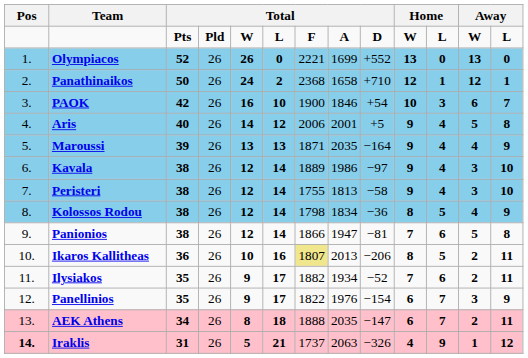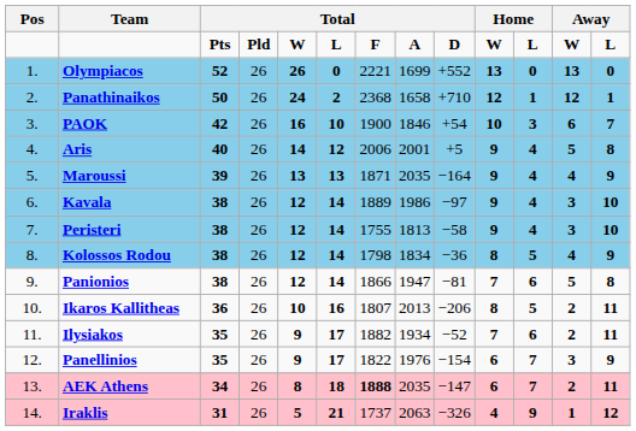 <table class="wikitable" style="text-align: center; font-size:95%">
 <tr>
 <th width="44">Pos</th>
 <th width="128">Team</th>
 <th colspan=7>Total</th>
 <th colspan=2>Home</th>
 <th colspan=2>Away</th>
 </tr>
 <tr>
 <td></td>
 <td></td>
 <td width="30"><strong>Pts</strong></td>
 <td width="30"><strong>Pld</strong></td>
 <td width="30"><strong>W</strong></td>
 <td width="30"><strong>L</strong></td>
 <td width="30"><strong>F</strong></td>
 <td width="30"><strong>A</strong></td>
 <td width="30"><strong>D</strong></td>
 <td width="30"><strong>W</strong></td>
 <td width="30"><strong>L</strong></td>
 <td width="30"><strong>W</strong></td>
 <td width="30"><strong>L</strong></td>
 </tr>
 <tr bgcolor="87ceeb">
 <td>1.</td>
 <td align="left"><strong><a href='#'>Olympiacos</a></strong></td>
 <td><strong>52</strong></td>
 <td>26</td>
 <td><strong>26</strong></td>
 <td><strong>0</strong></td>
 <td>2221</td>
 <td>1699</td>
 <td>+552</td>
 <td><strong>13</strong></td>
 <td><strong>0</strong></td>
 <td><strong>13</strong></td>
 <td><strong>0</strong></td>
 </tr>
 <tr bgcolor="87ceeb">
 <td>2.</td>
 <td align="left"><strong><a href='#'>Panathinaikos</a></strong></td>
 <td><strong>50</strong></td>
 <td>26</td>
 <td><strong>24</strong></td>
 <td><strong>2</strong></td>
 <td>2368</td>
 <td>1658</td>
 <td>+710</td>
 <td><strong>12</strong></td>
 <td><strong>1</strong></td>
 <td><strong>12</strong></td>
 <td><strong>1</strong></td>
 </tr>
 <tr bgcolor="87ceeb">
 <td>3.</td>
 <td align="left"><strong><a href='#'>PAOK</a></strong></td>
 <td><strong>42</strong></td>
 <td>26</td>
 <td><strong>16</strong></td>
 <td><strong>10</strong></td>
 <td>1900</td>
 <td>1846</td>
 <td>+54</td>
 <td><strong>10</strong></td>
 <td><strong>3</strong></td>
 <td><strong>6</strong></td>
 <td><strong>7</strong></td>
 </tr>
 <tr bgcolor="87ceeb">
 <td>4.</td>
 <td align="left"><strong><a href='#'>Aris</a></strong></td>
 <td><strong>40</strong></td>
 <td>26</td>
 <td><strong>14</strong></td>
 <td><strong>12</strong></td>
 <td>2006</td>
 <td>2001</td>
 <td>+5</td>
 <td><strong>9</strong></td>
 <td><strong>4</strong></td>
 <td><strong>5</strong></td>
 <td><strong>8</strong></td>
 </tr>
 <tr bgcolor="87ceeb">
 <td>5.</td>
 <td align="left"><strong><a href='#'>Maroussi</a></strong></td>
 <td><strong>39</strong></td>
 <td>26</td>
 <td><strong>13</strong></td>
 <td><strong>13</strong></td>
 <td>1871</td>
 <td>2035</td>
 <td>−164</td>
 <td><strong>9</strong></td>
 <td><strong>4</strong></td>
 <td><strong>4</strong></td>
 <td><strong>9</strong></td>
 </tr>
 <tr bgcolor="87ceeb">
 <td>6.</td>
 <td align="left"><strong><a href='#'>Kavala</a></strong></td>
 <td><strong>38</strong></td>
 <td>26</td>
 <td><strong>12</strong></td>
 <td><strong>14</strong></td>
 <td>1889</td>
 <td>1986</td>
 <td>−97</td>
 <td><strong>9</strong></td>
 <td><strong>4</strong></td>
 <td><strong>3</strong></td>
 <td><strong>10</strong></td>
 </tr>
 <tr bgcolor="87ceeb">
 <td>7.</td>
 <td align="left"><strong><a href='#'>Peristeri</a></strong></td>
 <td><strong>38</strong></td>
 <td>26</td>
 <td><strong>12</strong></td>
 <td><strong>14</strong></td>
 <td>1755</td>
 <td>1813</td>
 <td>−58</td>
 <td><strong>9</strong></td>
 <td><strong>4</strong></td>
 <td><strong>3</strong></td>
 <td><strong>10</strong></td>
 </tr>
 <tr bgcolor="87ceeb">
 <td>8.</td>
 <td align="left"><strong><a href='#'>Kolossos Rodou</a></strong></td>
 <td><strong>38</strong></td>
 <td>26</td>
 <td><strong>12</strong></td>
 <td><strong>14</strong></td>
 <td>1798</td>
 <td>1834</td>
 <td>−36</td>
 <td><strong>8</strong></td>
 <td><strong>5</strong></td>
 <td><strong>4</strong></td>
 <td><strong>9</strong></td>
 </tr>
 <tr>
 <td>9.</td>
 <td align="left"><strong><a href='#'>Panionios</a></strong></td>
 <td><strong>38</strong></td>
 <td>26</td>
 <td><strong>12</strong></td>
 <td><strong>14</strong></td>
 <td>1866</td>
 <td>1947</td>
 <td>−81</td>
 <td><strong>7</strong></td>
 <td><strong>6</strong></td>
 <td><strong>5</strong></td>
 <td><strong>8</strong></td>
 </tr>
 <tr>
 <td>10.</td>
 <td align="left"><strong><a href='#'>Ikaros Kallitheas</a></strong></td>
 <td><strong>36</strong></td>
 <td>26</td>
 <td><strong>10</strong></td>
 <td><strong>16</strong></td>
-<td style="background: khaki;">1807</td>
+<td>1807</td>
 <td>2013</td>
 <td>−206</td>
 <td><strong>8</strong></td>
 <td><strong>5</strong></td>
 <td><strong>2</strong></td>
 <td><strong>11</strong></td>
 </tr>
 <tr>
 <td>11.</td>
 <td align="left"><strong><a href='#'>Ilysiakos</a></strong></td>
 <td><strong>35</strong></td>
 <td>26</td>
 <td><strong>9</strong></td>
 <td><strong>17</strong></td>
 <td>1882</td>
 <td>1934</td>
 <td>−52</td>
 <td><strong>7</strong></td>
 <td><strong>6</strong></td>
 <td><strong>2</strong></td>
 <td><strong>11</strong></td>
 </tr>
 <tr>
 <td>12.</td>
 <td align="left"><strong><a href='#'>Panellinios</a></strong></td>
 <td><strong>35</strong></td>
 <td>26</td>
 <td><strong>9</strong></td>
 <td><strong>17</strong></td>
 <td>1822</td>
 <td>1976</td>
 <td>−154</td>
 <td><strong>6</strong></td>
 <td><strong>7</strong></td>
 <td><strong>3</strong></td>
 <td><strong>9</strong></td>
 </tr>
 <tr bgcolor="ffc0cb">
 <td>13.</td>
 <td align="left"><strong><a href='#'>AEK Athens</a></strong></td>
 <td><strong>34</strong></td>
 <td>26</td>
 <td><strong>8</strong></td>
 <td><strong>18</strong></td>
-<td>1888</td>
+<td><strong>1888</strong></td>
 <td>2035</td>
 <td>−147</td>
 <td><strong>6</strong></td>
 <td><strong>7</strong></td>
 <td><strong>2</strong></td>
 <td><strong>11</strong></td>
 </tr>
 <tr bgcolor="ffc0cb">
-<td><strong>14.</strong></td>
+<td>14.</td>
 <td align="left"><strong><a href='#'>Iraklis</a></strong></td>
 <td><strong>31</strong></td>
 <td>26</td>
 <td><strong>5</strong></td>
 <td><strong>21</strong></td>
 <td>1737</td>
 <td>2063</td>
 <td>−326</td>
 <td><strong>4</strong></td>
 <td><strong>9</strong></td>
 <td><strong>1</strong></td>
 <td><strong>12</strong></td>
 </tr>
 </table>
